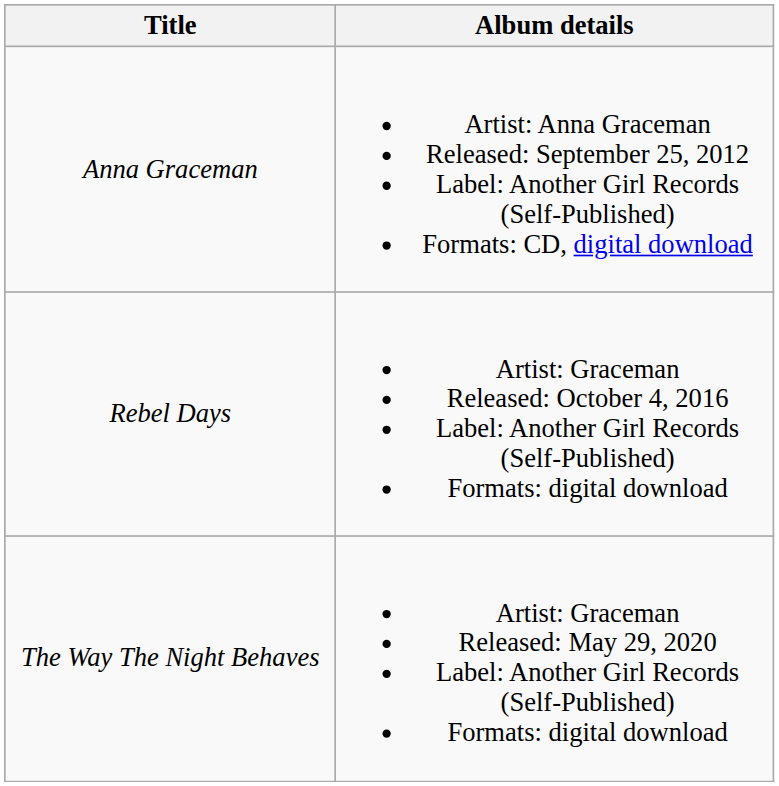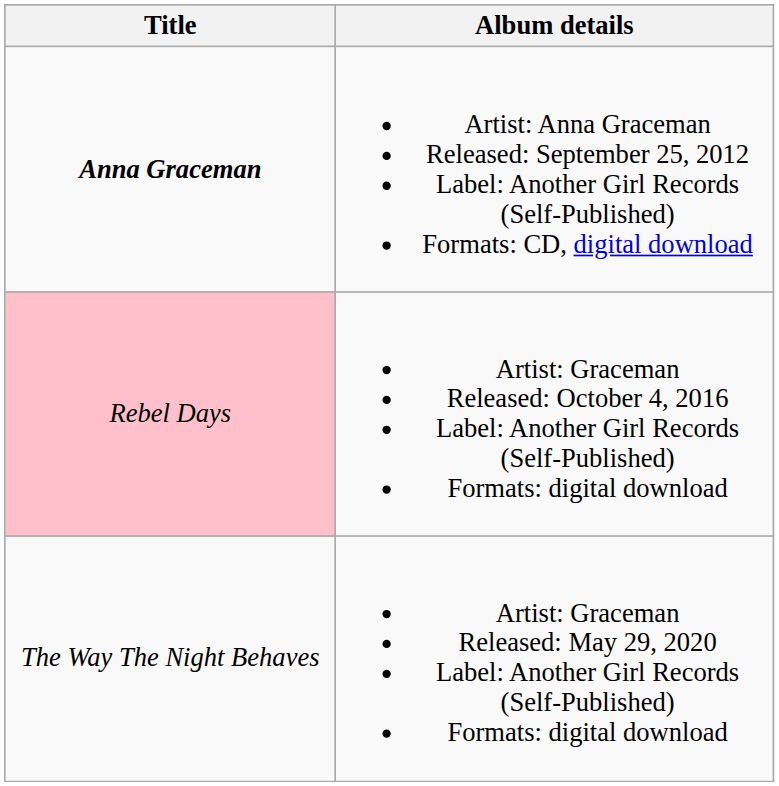 <table class="wikitable plainrowheaders" style="text-align:center;">
 <tr>
 <th scope="col" rowspan="1" style="width:12em;">Title</th>
 <th scope="col" rowspan="1" style="width:16em;">Album details</th>
 </tr>
 <tr>
-<td><em>Anna Graceman</em></td>
+<td><strong><em>Anna Graceman</em></strong></td>
 <td><br><ul><li>Artist: Anna Graceman</li><li>Released: September 25, 2012</li><li>Label: Another Girl Records (Self-Published)</li><li>Formats: CD, <a href='#'>digital download</a></li></ul></td>
 </tr>
 <tr>
-<td><em>Rebel Days</em></td>
+<td style="background: pink;"><em>Rebel Days</em></td>
 <td><br><ul><li>Artist: Graceman</li><li>Released: October 4, 2016</li><li>Label: Another Girl Records (Self-Published)</li><li>Formats: digital download</li></ul></td>
 </tr>
 <tr>
 <td><em>The Way The Night Behaves</em></td>
 <td><br><ul><li>Artist: Graceman</li><li>Released: May 29, 2020</li><li>Label: Another Girl Records (Self-Published)</li><li>Formats: digital download</li></ul></td>
 </tr>
 <tr>
 </tr>
 </table>
